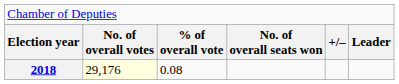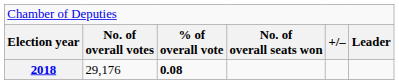 <table class=wikitable>
 <tr>
 <td colspan=6><a href='#'>Chamber of Deputies</a></td>
 </tr>
 <tr>
 <th>Election year</th>
 <th>No. of<br>overall votes</th>
 <th>% of<br>overall vote</th>
 <th>No. of<br>overall seats won</th>
 <th>+/–</th>
 <th>Leader</th>
 </tr>
 <tr>
 <th><a href='#'>2018</a></th>
-<td style="background: lightyellow;">29,176</td>
-<td>0.08</td>
+<td>29,176</td>
+<td><strong>0.08</strong></td>
 <td></td>
 <td></td>
 <td></td>
 </tr>
 </table>
